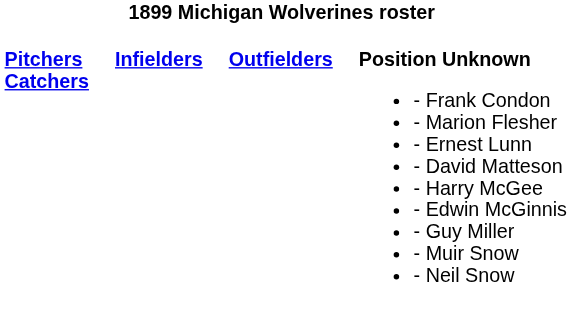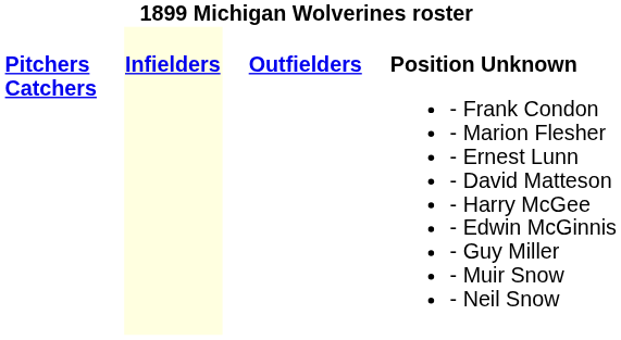 <table class="toccolours" style="border-collapse:collapse; font-size:90%;">
 <tr>
 <th colspan=9>1899 Michigan Wolverines roster</th>
 </tr>
 <tr>
 <td width="03"> </td>
 <td valign="top"><br><strong><a href='#'>Pitchers</a></strong><br><strong><a href='#'>Catchers</a></strong></td>
 <td width="15"> </td>
-<td valign="top"><br><strong><a href='#'>Infielders</a></strong></td>
+<td valign="top" style="background: lightyellow;"><br><strong><a href='#'>Infielders</a></strong></td>
 <td width="15"> </td>
 <td valign="top"><br><strong><a href='#'>Outfielders</a></strong></td>
 <td width="15"> </td>
 <td valign="top"><br><strong>Position Unknown</strong><ul><li>- Frank Condon</li><li>- Marion Flesher</li><li>- Ernest Lunn</li><li>- David Matteson</li><li>- Harry McGee</li><li>- Edwin McGinnis</li><li>- Guy Miller</li><li>- Muir Snow</li><li>- Neil Snow</li></ul></td>
 </tr>
 </table>
